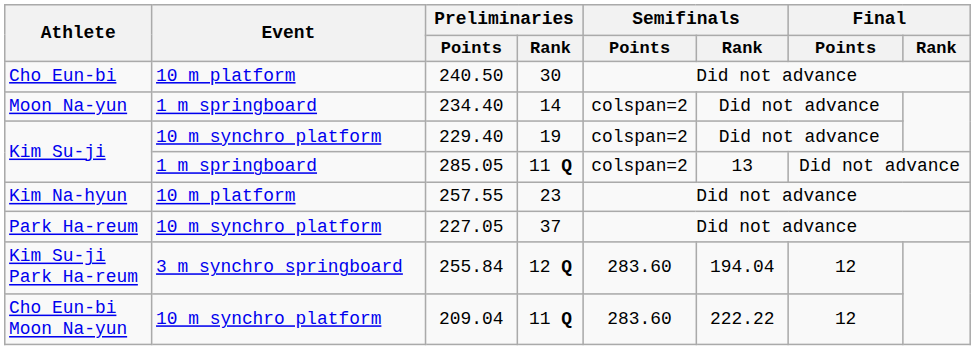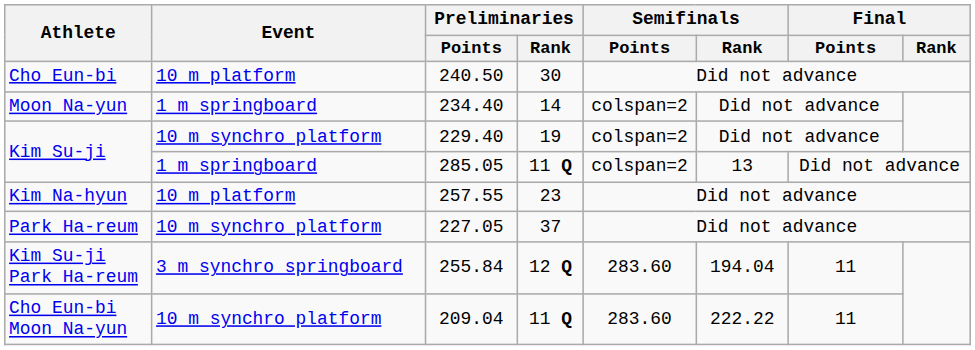 <table class="wikitable" style="text-align:center; font-size:90%; width:50%;">
 <tr>
 <th rowspan=2>Athlete</th>
 <th rowspan=2>Event</th>
 <th colspan=2>Preliminaries</th>
 <th colspan=2>Semifinals</th>
 <th colspan=2>Final</th>
 </tr>
 <tr style="font-size:95%">
 <th>Points</th>
 <th>Rank</th>
 <th>Points</th>
 <th>Rank</th>
 <th>Points</th>
 <th>Rank</th>
 </tr>
 <tr>
 <td align=left><a href='#'>Cho Eun-bi</a></td>
 <td align=left><a href='#'>10 m platform</a></td>
 <td>240.50</td>
 <td>30</td>
 <td colspan=4>Did not advance</td>
 </tr>
 <tr>
 <td align=left><a href='#'>Moon Na-yun</a></td>
 <td align=left><a href='#'>1 m springboard</a></td>
 <td>234.40</td>
 <td>14</td>
 <td>colspan=2 </td>
 <td colspan=2>Did not advance</td>
 </tr>
 <tr>
 <td align=left rowspan=2><a href='#'>Kim Su-ji</a></td>
 <td align=left><a href='#'>10 m synchro platform</a></td>
 <td>229.40</td>
 <td>19</td>
 <td>colspan=2 </td>
 <td colspan=2>Did not advance</td>
 </tr>
 <tr>
 <td align=left><a href='#'>1 m springboard</a></td>
 <td>285.05</td>
 <td>11 <strong>Q</strong></td>
 <td>colspan=2 </td>
 <td>13</td>
 <td colspan=2>Did not advance</td>
 </tr>
 <tr>
 <td align=left><a href='#'>Kim Na-hyun</a></td>
 <td align=left><a href='#'>10 m platform</a></td>
 <td>257.55</td>
 <td>23</td>
 <td colspan=4>Did not advance</td>
 </tr>
 <tr>
 <td align=left><a href='#'>Park Ha-reum</a></td>
 <td align=left><a href='#'>10 m synchro platform</a></td>
 <td>227.05</td>
 <td>37</td>
 <td colspan=4>Did not advance</td>
 </tr>
 <tr>
 <td align=left><a href='#'>Kim Su-ji</a><br> <a href='#'>Park Ha-reum</a></td>
 <td align=left><a href='#'>3 m synchro springboard</a></td>
 <td>255.84</td>
 <td>12 <strong>Q</strong></td>
 <td>283.60</td>
 <td>194.04</td>
-<td>12</td>
+<td>11</td>
 </tr>
 <tr>
 <td align=left><a href='#'>Cho Eun-bi</a><br> <a href='#'>Moon Na-yun</a></td>
 <td align=left><a href='#'>10 m synchro platform</a></td>
 <td>209.04</td>
 <td>11 <strong>Q</strong></td>
 <td>283.60</td>
 <td>222.22</td>
-<td>12</td>
+<td>11</td>
 </tr>
 </table>
